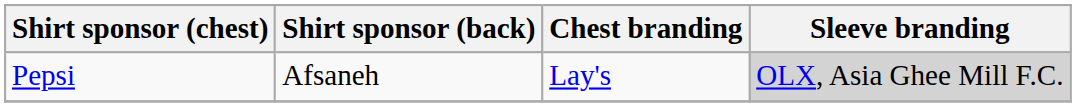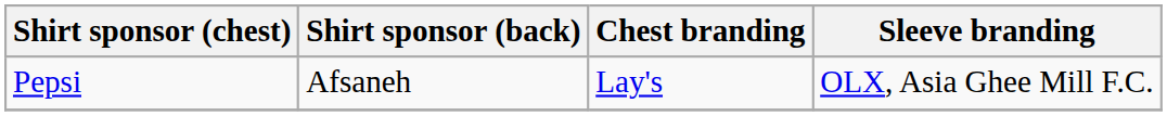 <table class="wikitable"  style="font-size:85%;">
 <tr>
 <th>Shirt sponsor (chest)</th>
 <th>Shirt sponsor (back)</th>
 <th>Chest branding</th>
 <th>Sleeve branding</th>
 </tr>
 <tr>
 <td><a href='#'>Pepsi</a></td>
 <td>Afsaneh</td>
 <td><a href='#'>Lay's</a></td>
-<td style="background: lightgrey;"><a href='#'>OLX</a>, Asia Ghee Mill F.C.</td>
+<td><a href='#'>OLX</a>, Asia Ghee Mill F.C.</td>
 </tr>
 <tr>
 </tr>
 </table>
